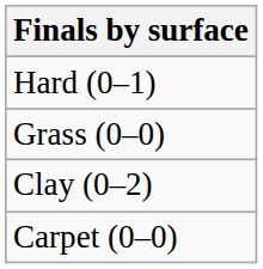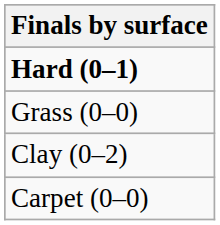 <table class="wikitable sortable">
 <tr>
 <th>Finals by surface</th>
 </tr>
 <tr>
-<td>Hard (0–1)</td>
+<td><strong>Hard (0–1)</strong></td>
 </tr>
 <tr>
 <td>Grass (0–0)</td>
 </tr>
 <tr>
 <td>Clay (0–2)</td>
 </tr>
 <tr>
 <td>Carpet (0–0)</td>
 </tr>
 </table>
